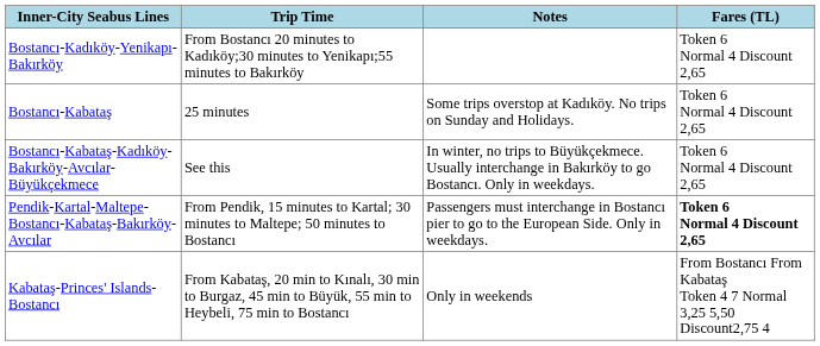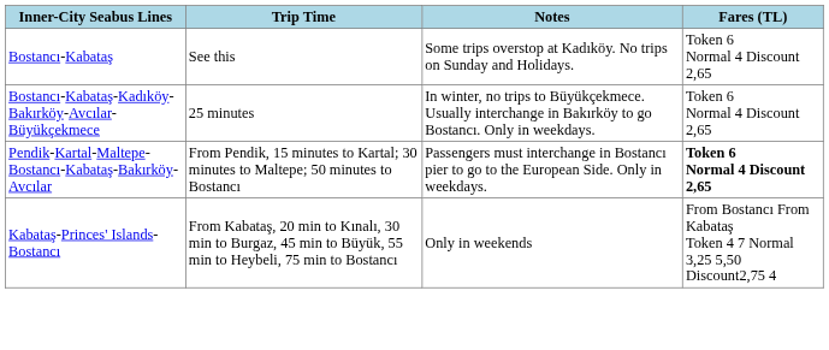 <table class="toccolours" border="1" cellpadding="3" style="border-collapse:collapse">
 <tr style="background:lightblue;">
 <th>Inner-City Seabus Lines</th>
 <th>Trip Time</th>
 <th>Notes</th>
 <th>Fares (TL)</th>
 </tr>
 <tr>
-<td><a href='#'>Bostancı</a>-<a href='#'>Kadıköy</a>-<a href='#'>Yenikapı</a>-<a href='#'>Bakırköy</a></td>
-<td>From Bostancı 20 minutes to Kadıköy;30 minutes to Yenikapı;55 minutes to Bakırköy</td>
-<td></td>
-<td>Token 6<br>Normal 4 Discount 2,65</td>
-</tr>
-<tr>
 <td><a href='#'>Bostancı</a>-<a href='#'>Kabataş</a></td>
-<td>25 minutes</td>
+<td>See this</td>
 <td>Some trips overstop at Kadıköy. No trips on Sunday and Holidays.</td>
 <td>Token 6<br>Normal 4 Discount 2,65</td>
 </tr>
 <tr>
 <td><a href='#'>Bostancı</a>-<a href='#'>Kabataş</a>-<a href='#'>Kadıköy</a>-<a href='#'>Bakırköy</a>-<a href='#'>Avcılar</a>-<a href='#'>Büyükçekmece</a></td>
-<td>See this</td>
+<td>25 minutes</td>
 <td>In winter, no trips to Büyükçekmece. Usually interchange in Bakırköy to go Bostancı. Only in weekdays.</td>
 <td>Token 6<br>Normal 4 Discount 2,65</td>
 </tr>
 <tr>
 <td><a href='#'>Pendik</a>-<a href='#'>Kartal</a>-<a href='#'>Maltepe</a>-<a href='#'>Bostancı</a>-<a href='#'>Kabataş</a>-<a href='#'>Bakırköy</a>-<a href='#'>Avcılar</a></td>
 <td>From Pendik, 15 minutes to Kartal; 30 minutes to Maltepe; 50 minutes to Bostancı</td>
 <td>Passengers must interchange in Bostancı pier to go to the European Side. Only in weekdays.</td>
 <td><strong>Token 6<br>Normal 4 Discount 2,65</strong></td>
 </tr>
 <tr>
 <td><a href='#'>Kabataş</a>-<a href='#'>Princes' Islands</a>-<a href='#'>Bostancı</a></td>
 <td>From Kabataş, 20 min to Kınalı, 30 min to Burgaz, 45 min to Büyük, 55 min to Heybeli, 75 min to Bostancı</td>
 <td>Only in weekends</td>
 <td>From Bostancı         From Kabataş<br>Token    4                   7 Normal  3,25                5,50 Discount2,75                 4</td>
 </tr>
 </table>
